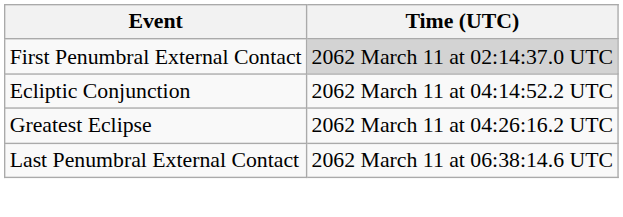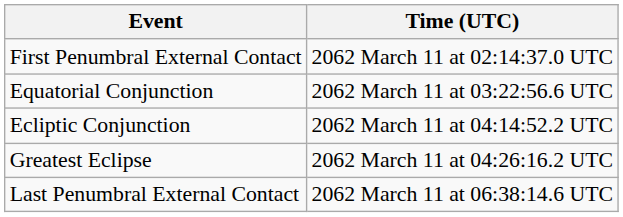 <table class="wikitable">
 <tr>
 <th>Event</th>
 <th>Time (UTC)</th>
 </tr>
 <tr>
 <td>First Penumbral External Contact</td>
-<td style="background: lightgrey;">2062 March 11 at 02:14:37.0 UTC</td>
+<td>2062 March 11 at 02:14:37.0 UTC</td>
+</tr>
+<tr>
+<td>Equatorial Conjunction</td>
+<td>2062 March 11 at 03:22:56.6 UTC</td>
 </tr>
 <tr>
 <td>Ecliptic Conjunction</td>
 <td>2062 March 11 at 04:14:52.2 UTC</td>
 </tr>
 <tr>
 <td>Greatest Eclipse</td>
 <td>2062 March 11 at 04:26:16.2 UTC</td>
 </tr>
 <tr>
 <td>Last Penumbral External Contact</td>
 <td>2062 March 11 at 06:38:14.6 UTC</td>
 </tr>
 </table>
